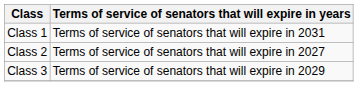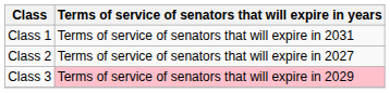 <table class="wikitable sortable">
 <tr valign=bottom>
 <th>Class</th>
 <th>Terms of service of senators that will expire in years</th>
 </tr>
 <tr>
 <td>Class 1</td>
 <td>Terms of service of senators that will expire in 2031</td>
 </tr>
 <tr>
 <td>Class 2</td>
 <td>Terms of service of senators that will expire in 2027</td>
 </tr>
 <tr>
 <td>Class 3</td>
-<td>Terms of service of senators that will expire in 2029</td>
+<td style="background: pink;">Terms of service of senators that will expire in 2029</td>
 </tr>
 <tr>
 </tr>
 </table>
